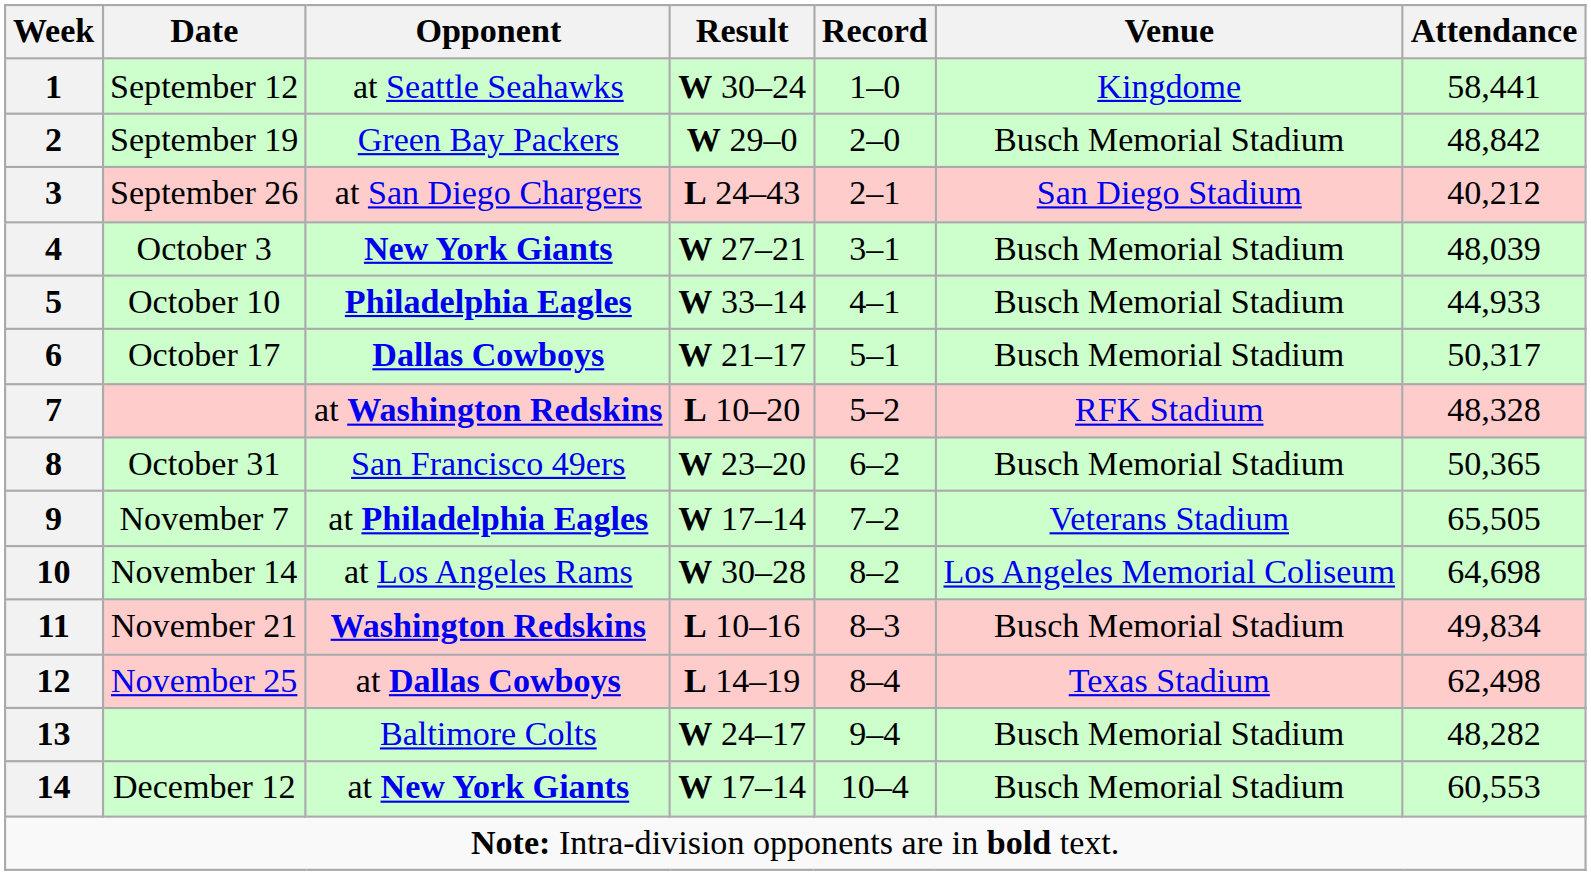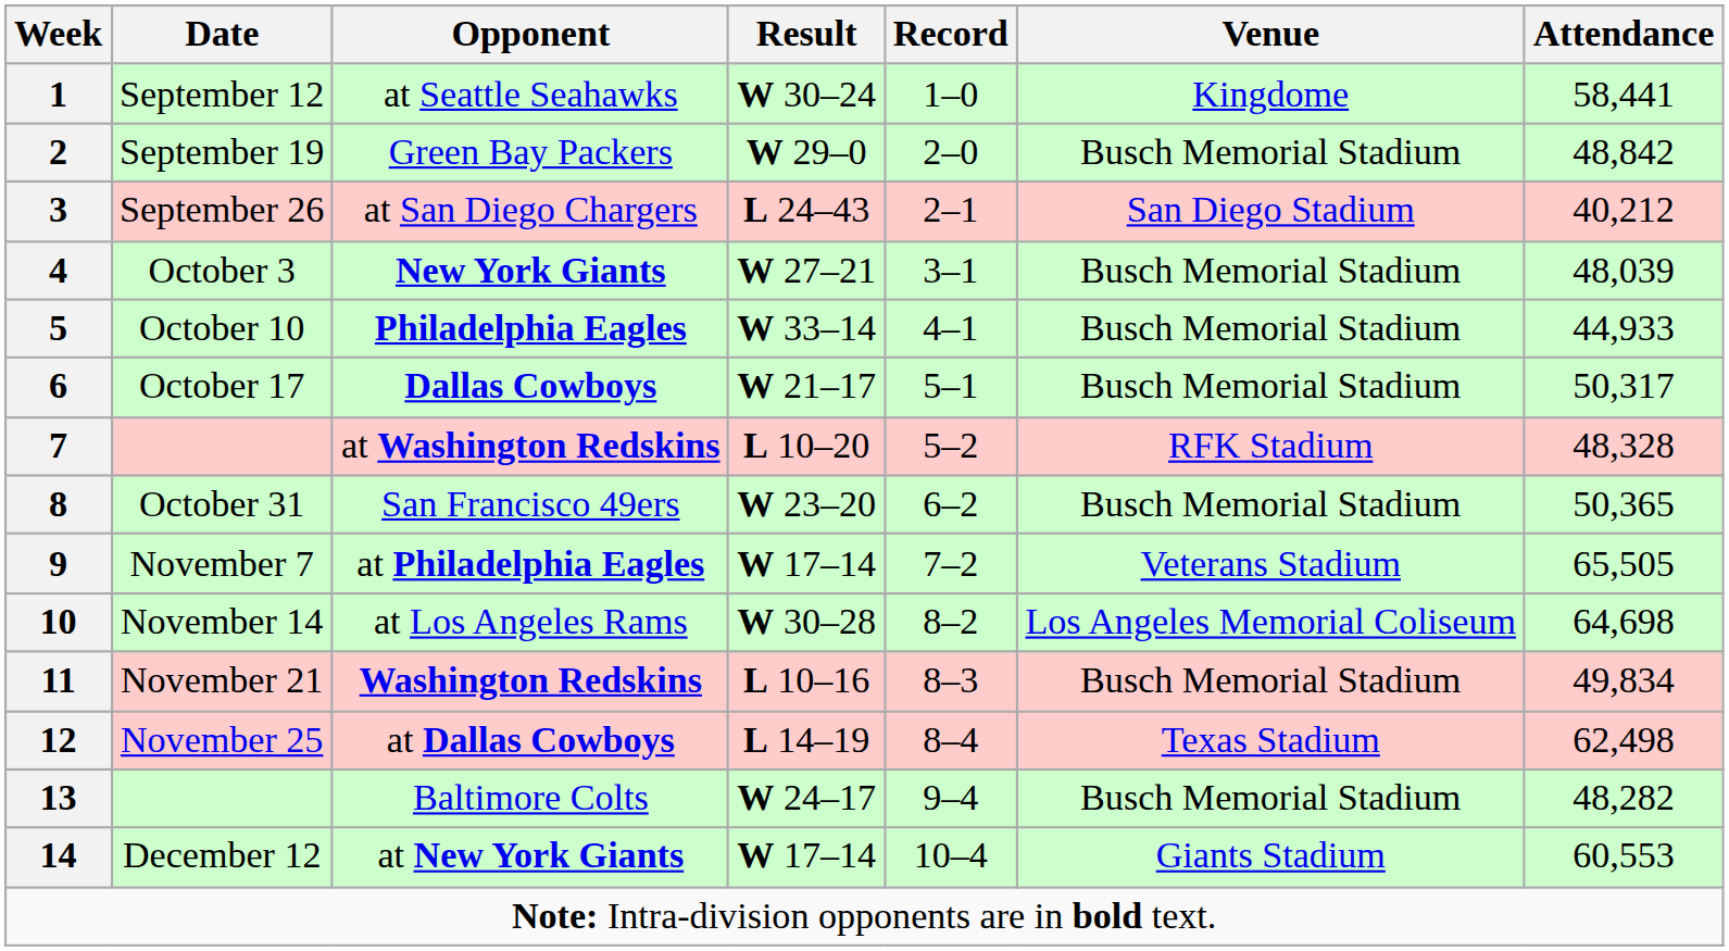 <table class="wikitable" style="text-align:center">
 <tr>
 <th>Week</th>
 <th>Date</th>
 <th>Opponent</th>
 <th>Result</th>
 <th>Record</th>
 <th>Venue</th>
 <th>Attendance</th>
 </tr>
 <tr style="background:#cfc">
 <th>1</th>
 <td>September 12</td>
 <td>at <a href='#'>Seattle Seahawks</a></td>
 <td><strong>W</strong> 30–24</td>
 <td>1–0</td>
 <td><a href='#'>Kingdome</a></td>
 <td>58,441</td>
 </tr>
 <tr style="background:#cfc">
 <th>2</th>
 <td>September 19</td>
 <td><a href='#'>Green Bay Packers</a></td>
 <td><strong>W</strong> 29–0</td>
 <td>2–0</td>
 <td>Busch Memorial Stadium</td>
 <td>48,842</td>
 </tr>
 <tr style="background:#fcc">
 <th>3</th>
 <td>September 26</td>
 <td>at <a href='#'>San Diego Chargers</a></td>
 <td><strong>L</strong> 24–43</td>
 <td>2–1</td>
 <td><a href='#'>San Diego Stadium</a></td>
 <td>40,212</td>
 </tr>
 <tr style="background:#cfc">
 <th>4</th>
 <td>October 3</td>
 <td><strong><a href='#'>New York Giants</a></strong></td>
 <td><strong>W</strong> 27–21</td>
 <td>3–1</td>
 <td>Busch Memorial Stadium</td>
 <td>48,039</td>
 </tr>
 <tr style="background:#cfc">
 <th>5</th>
 <td>October 10</td>
 <td><strong><a href='#'>Philadelphia Eagles</a></strong></td>
 <td><strong>W</strong> 33–14</td>
 <td>4–1</td>
 <td>Busch Memorial Stadium</td>
 <td>44,933</td>
 </tr>
 <tr style="background:#cfc">
 <th>6</th>
 <td>October 17</td>
 <td><strong><a href='#'>Dallas Cowboys</a></strong></td>
 <td><strong>W</strong> 21–17</td>
 <td>5–1</td>
 <td>Busch Memorial Stadium</td>
 <td>50,317</td>
 </tr>
 <tr style="background:#fcc">
 <th>7</th>
 <td></td>
 <td>at <strong><a href='#'>Washington Redskins</a></strong></td>
 <td><strong>L</strong> 10–20</td>
 <td>5–2</td>
 <td><a href='#'>RFK Stadium</a></td>
 <td>48,328</td>
 </tr>
 <tr style="background:#cfc">
 <th>8</th>
 <td>October 31</td>
 <td><a href='#'>San Francisco 49ers</a></td>
 <td><strong>W</strong> 23–20</td>
 <td>6–2</td>
 <td>Busch Memorial Stadium</td>
 <td>50,365</td>
 </tr>
 <tr style="background:#cfc">
 <th>9</th>
 <td>November 7</td>
 <td>at <strong><a href='#'>Philadelphia Eagles</a></strong></td>
 <td><strong>W</strong> 17–14</td>
 <td>7–2</td>
 <td><a href='#'>Veterans Stadium</a></td>
 <td>65,505</td>
 </tr>
 <tr style="background:#cfc">
 <th>10</th>
 <td>November 14</td>
 <td>at <a href='#'>Los Angeles Rams</a></td>
 <td><strong>W</strong> 30–28</td>
 <td>8–2</td>
 <td><a href='#'>Los Angeles Memorial Coliseum</a></td>
 <td>64,698</td>
 </tr>
 <tr style="background:#fcc">
 <th>11</th>
 <td>November 21</td>
 <td><strong><a href='#'>Washington Redskins</a></strong></td>
 <td><strong>L</strong> 10–16</td>
 <td>8–3</td>
 <td>Busch Memorial Stadium</td>
 <td>49,834</td>
 </tr>
 <tr style="background:#fcc">
 <th>12</th>
 <td><a href='#'>November 25</a></td>
 <td>at <strong><a href='#'>Dallas Cowboys</a></strong></td>
 <td><strong>L</strong> 14–19</td>
 <td>8–4</td>
 <td><a href='#'>Texas Stadium</a></td>
 <td>62,498</td>
 </tr>
 <tr style="background:#cfc">
 <th>13</th>
 <td></td>
 <td><a href='#'>Baltimore Colts</a></td>
 <td><strong>W</strong> 24–17</td>
 <td>9–4</td>
 <td>Busch Memorial Stadium</td>
 <td>48,282</td>
 </tr>
 <tr style="background:#cfc">
 <th>14</th>
 <td>December 12</td>
 <td>at <strong><a href='#'>New York Giants</a></strong></td>
 <td><strong>W</strong> 17–14</td>
 <td>10–4</td>
-<td>Busch Memorial Stadium</td>
+<td><a href='#'>Giants Stadium</a></td>
 <td>60,553</td>
 </tr>
 <tr>
 <td colspan="8"><strong>Note:</strong> Intra-division opponents are in <strong>bold</strong> text.</td>
 </tr>
 </table>
